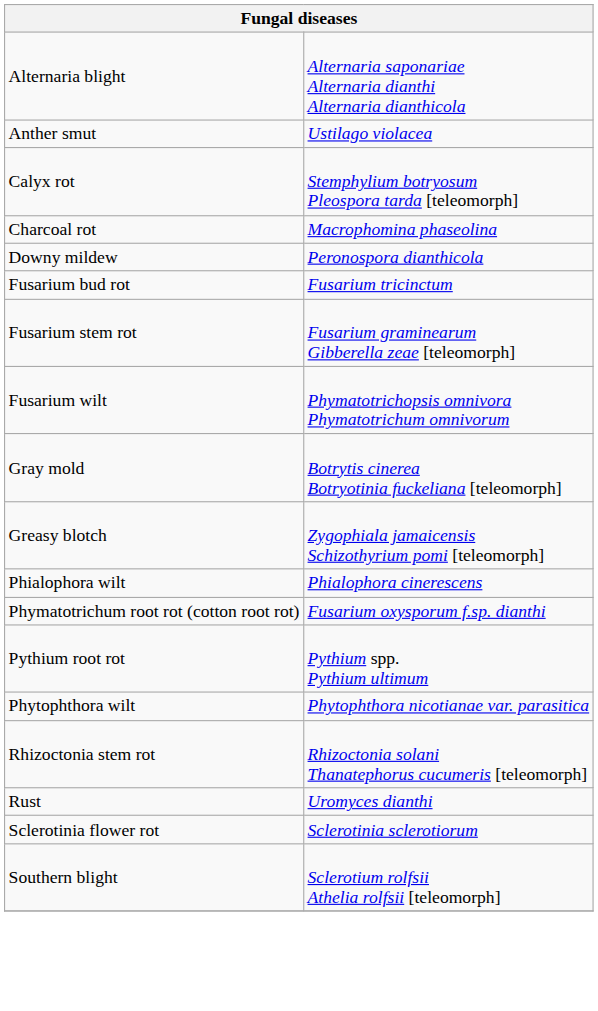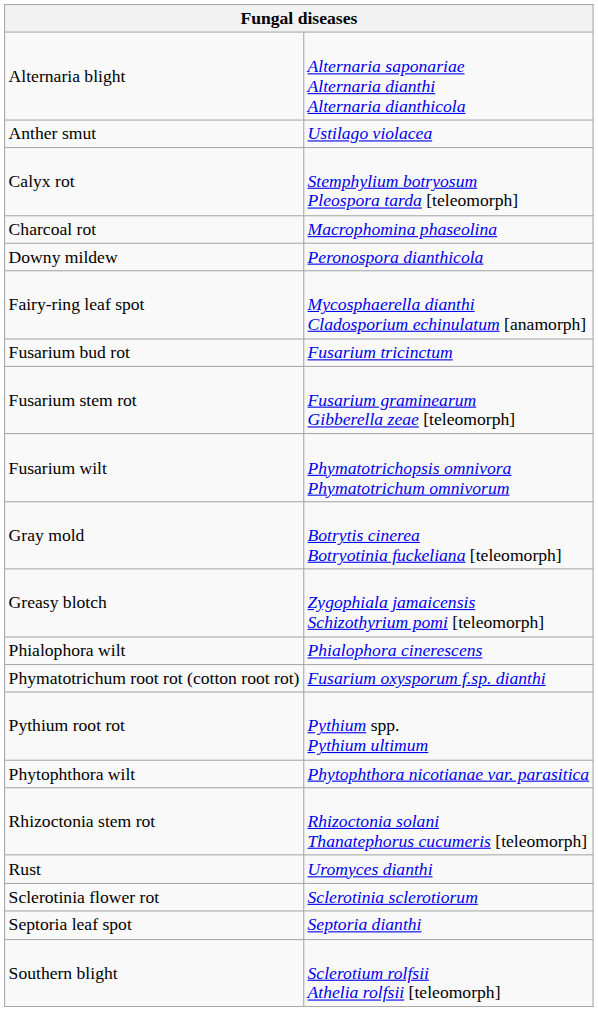 <table class="wikitable" style="clear">
 <tr>
 <th colspan=2><strong>Fungal diseases</strong><br></th>
 </tr>
 <tr>
 <td>Alternaria blight</td>
 <td><br><em><a href='#'>Alternaria saponariae</a></em> <br>  <em><a href='#'>Alternaria dianthi</a></em><br> <em><a href='#'>Alternaria dianthicola</a></em></td>
 </tr>
 <tr>
 <td>Anther smut</td>
 <td><em><a href='#'>Ustilago violacea</a></em></td>
 </tr>
 <tr>
 <td>Calyx rot</td>
 <td><br><em><a href='#'>Stemphylium botryosum</a></em><br> <em><a href='#'>Pleospora tarda</a></em> [teleomorph]</td>
 </tr>
 <tr>
 <td>Charcoal rot</td>
 <td><em><a href='#'>Macrophomina phaseolina</a></em></td>
 </tr>
 <tr>
 <td>Downy mildew</td>
 <td><em><a href='#'>Peronospora dianthicola</a></em></td>
+</tr>
+<tr>
+<td>Fairy-ring leaf spot</td>
+<td><br><em><a href='#'>Mycosphaerella dianthi</a></em><br> <em><a href='#'>Cladosporium echinulatum</a></em> [anamorph]</td>
 </tr>
 <tr>
 <td>Fusarium bud rot</td>
 <td><em><a href='#'>Fusarium tricinctum</a></em></td>
 </tr>
 <tr>
 <td>Fusarium stem rot</td>
 <td><br><em><a href='#'>Fusarium graminearum</a></em><br> <em><a href='#'>Gibberella zeae</a></em> [teleomorph]</td>
 </tr>
 <tr>
 <td>Fusarium wilt</td>
 <td><br><em><a href='#'>Phymatotrichopsis omnivora</a></em> <br>  <em><a href='#'>Phymatotrichum omnivorum</a></em></td>
 </tr>
 <tr>
 <td>Gray mold</td>
 <td><br><em><a href='#'>Botrytis cinerea</a></em><br> <em><a href='#'>Botryotinia fuckeliana</a></em> [teleomorph]</td>
 </tr>
 <tr>
 <td>Greasy blotch</td>
 <td><br><em><a href='#'>Zygophiala jamaicensis</a></em><br> <em><a href='#'>Schizothyrium pomi</a></em> [teleomorph]</td>
 </tr>
 <tr>
 <td>Phialophora wilt</td>
 <td><em><a href='#'>Phialophora cinerescens</a></em></td>
 </tr>
 <tr>
 <td>Phymatotrichum root rot (cotton root rot)</td>
 <td><em><a href='#'>Fusarium oxysporum f.sp. dianthi</a></em></td>
 </tr>
 <tr>
 <td>Pythium root rot</td>
 <td><br><em><a href='#'>Pythium</a></em> spp. <br> <em><a href='#'>Pythium ultimum</a></em></td>
 </tr>
 <tr>
 <td>Phytophthora wilt</td>
 <td><em><a href='#'>Phytophthora nicotianae var. parasitica</a></em></td>
 </tr>
 <tr>
 <td>Rhizoctonia stem rot</td>
 <td><br><em><a href='#'>Rhizoctonia solani</a></em><br> <em><a href='#'>Thanatephorus cucumeris</a></em> [teleomorph]</td>
 </tr>
 <tr>
 <td>Rust</td>
 <td><em><a href='#'>Uromyces dianthi</a></em></td>
 </tr>
 <tr>
 <td>Sclerotinia flower rot</td>
 <td><em><a href='#'>Sclerotinia sclerotiorum</a></em></td>
 </tr>
 <tr>
+<td>Septoria leaf spot</td>
+<td><em><a href='#'>Septoria dianthi</a></em></td>
+</tr>
+<tr>
 <td>Southern blight</td>
 <td><br><em><a href='#'>Sclerotium rolfsii</a></em><br> <em><a href='#'>Athelia rolfsii</a></em> [teleomorph]</td>
 </tr>
 <tr>
 </tr>
 </table>
